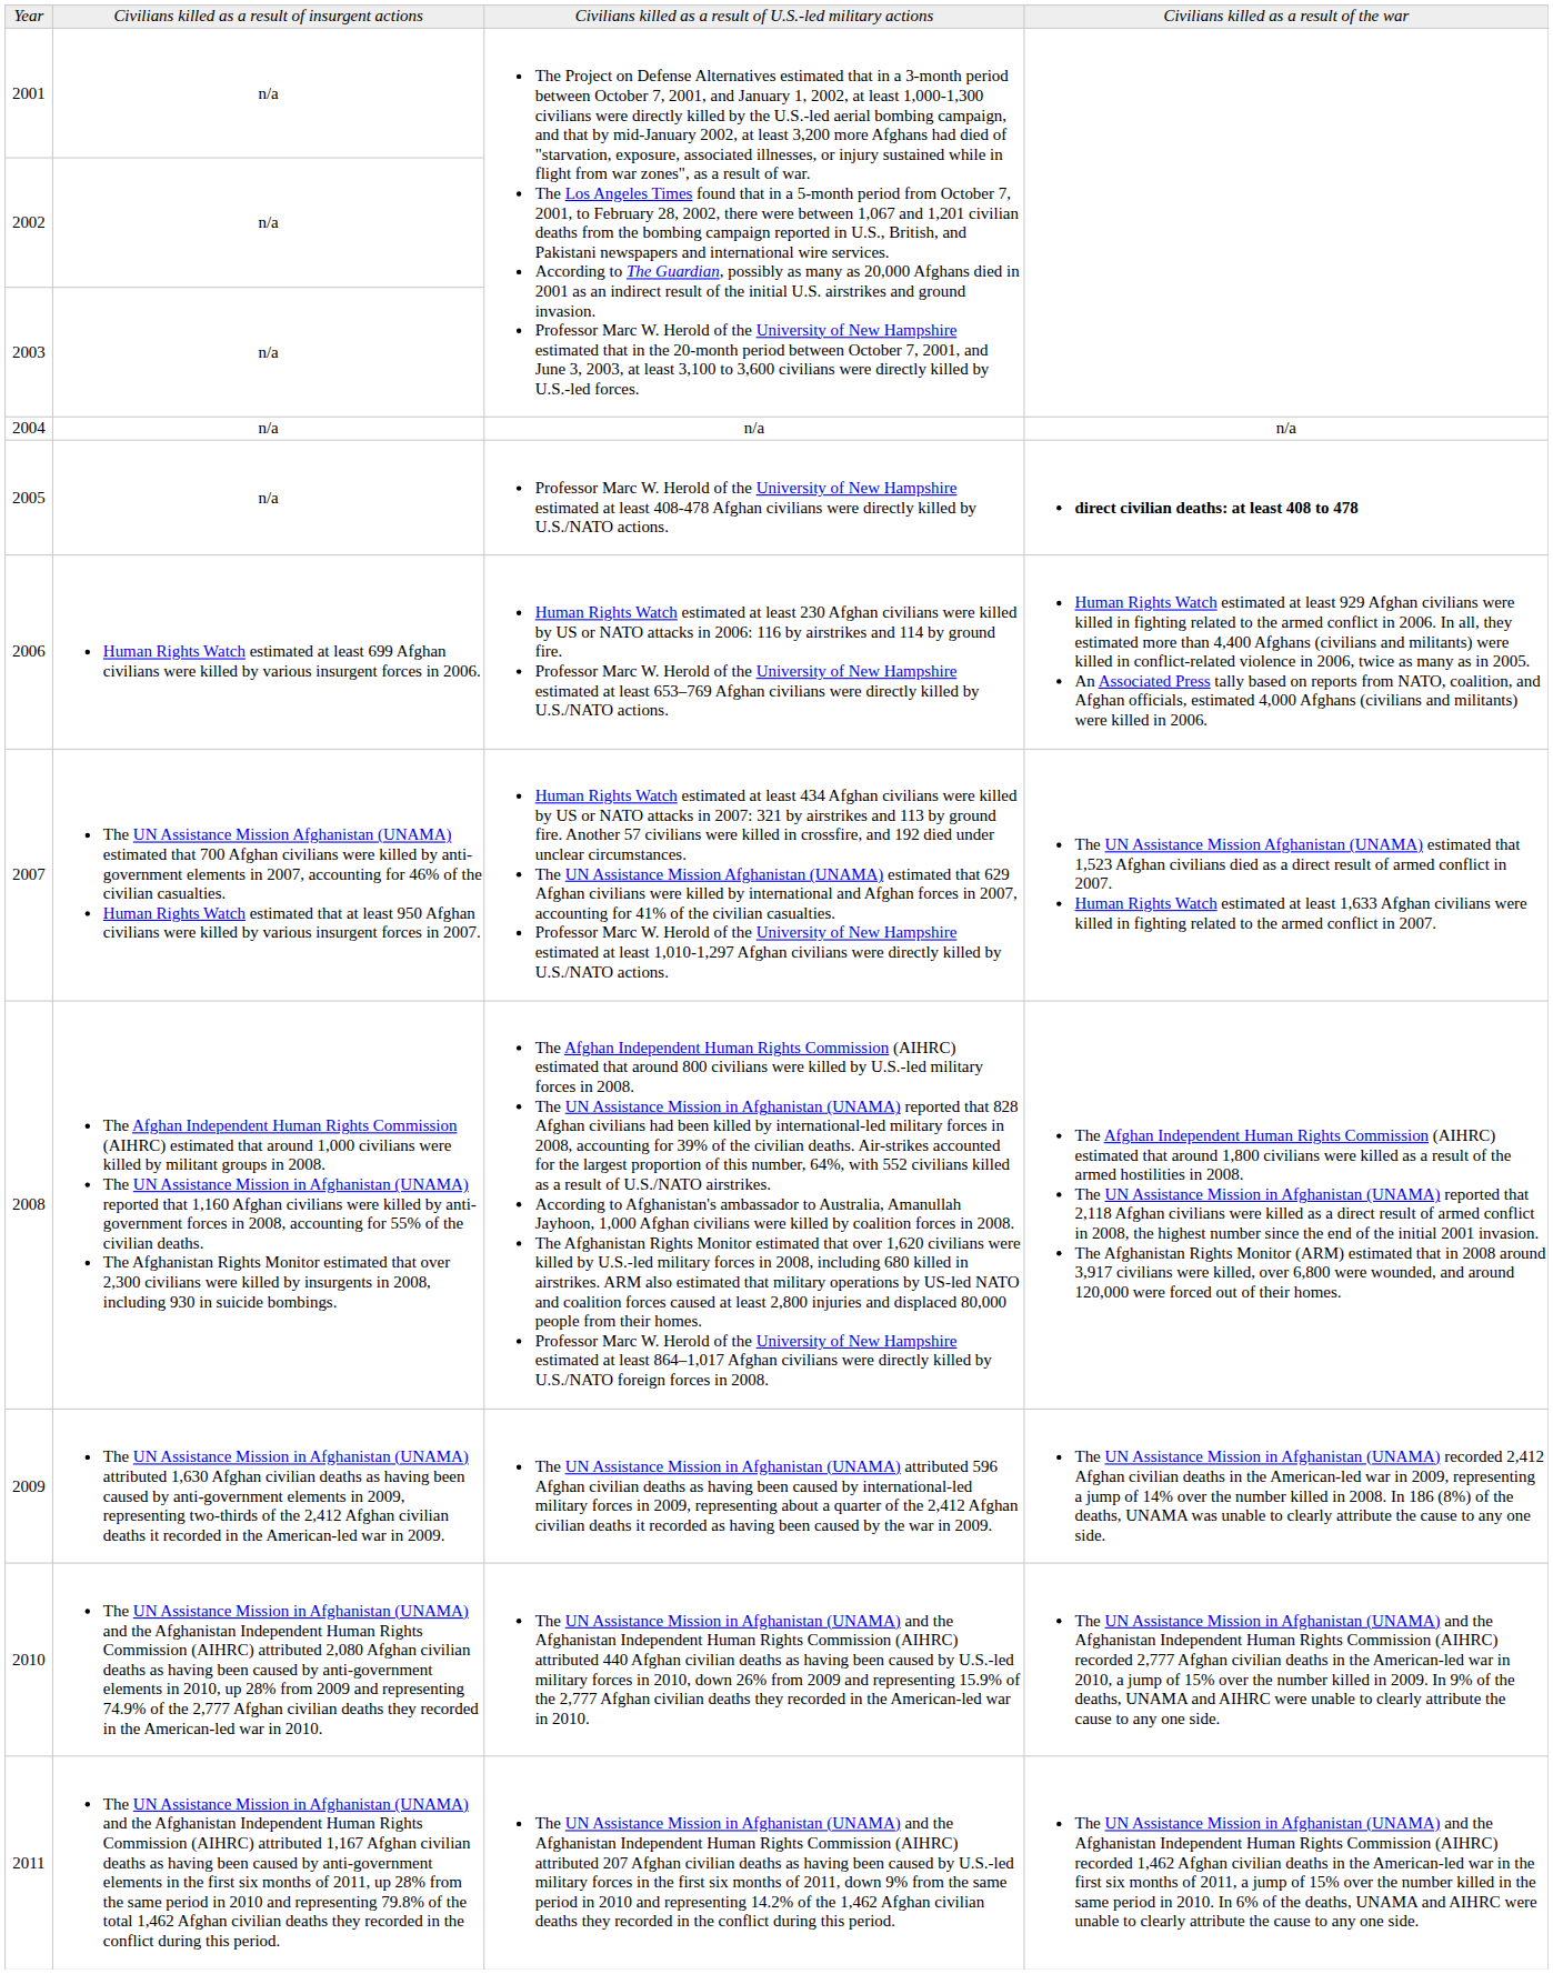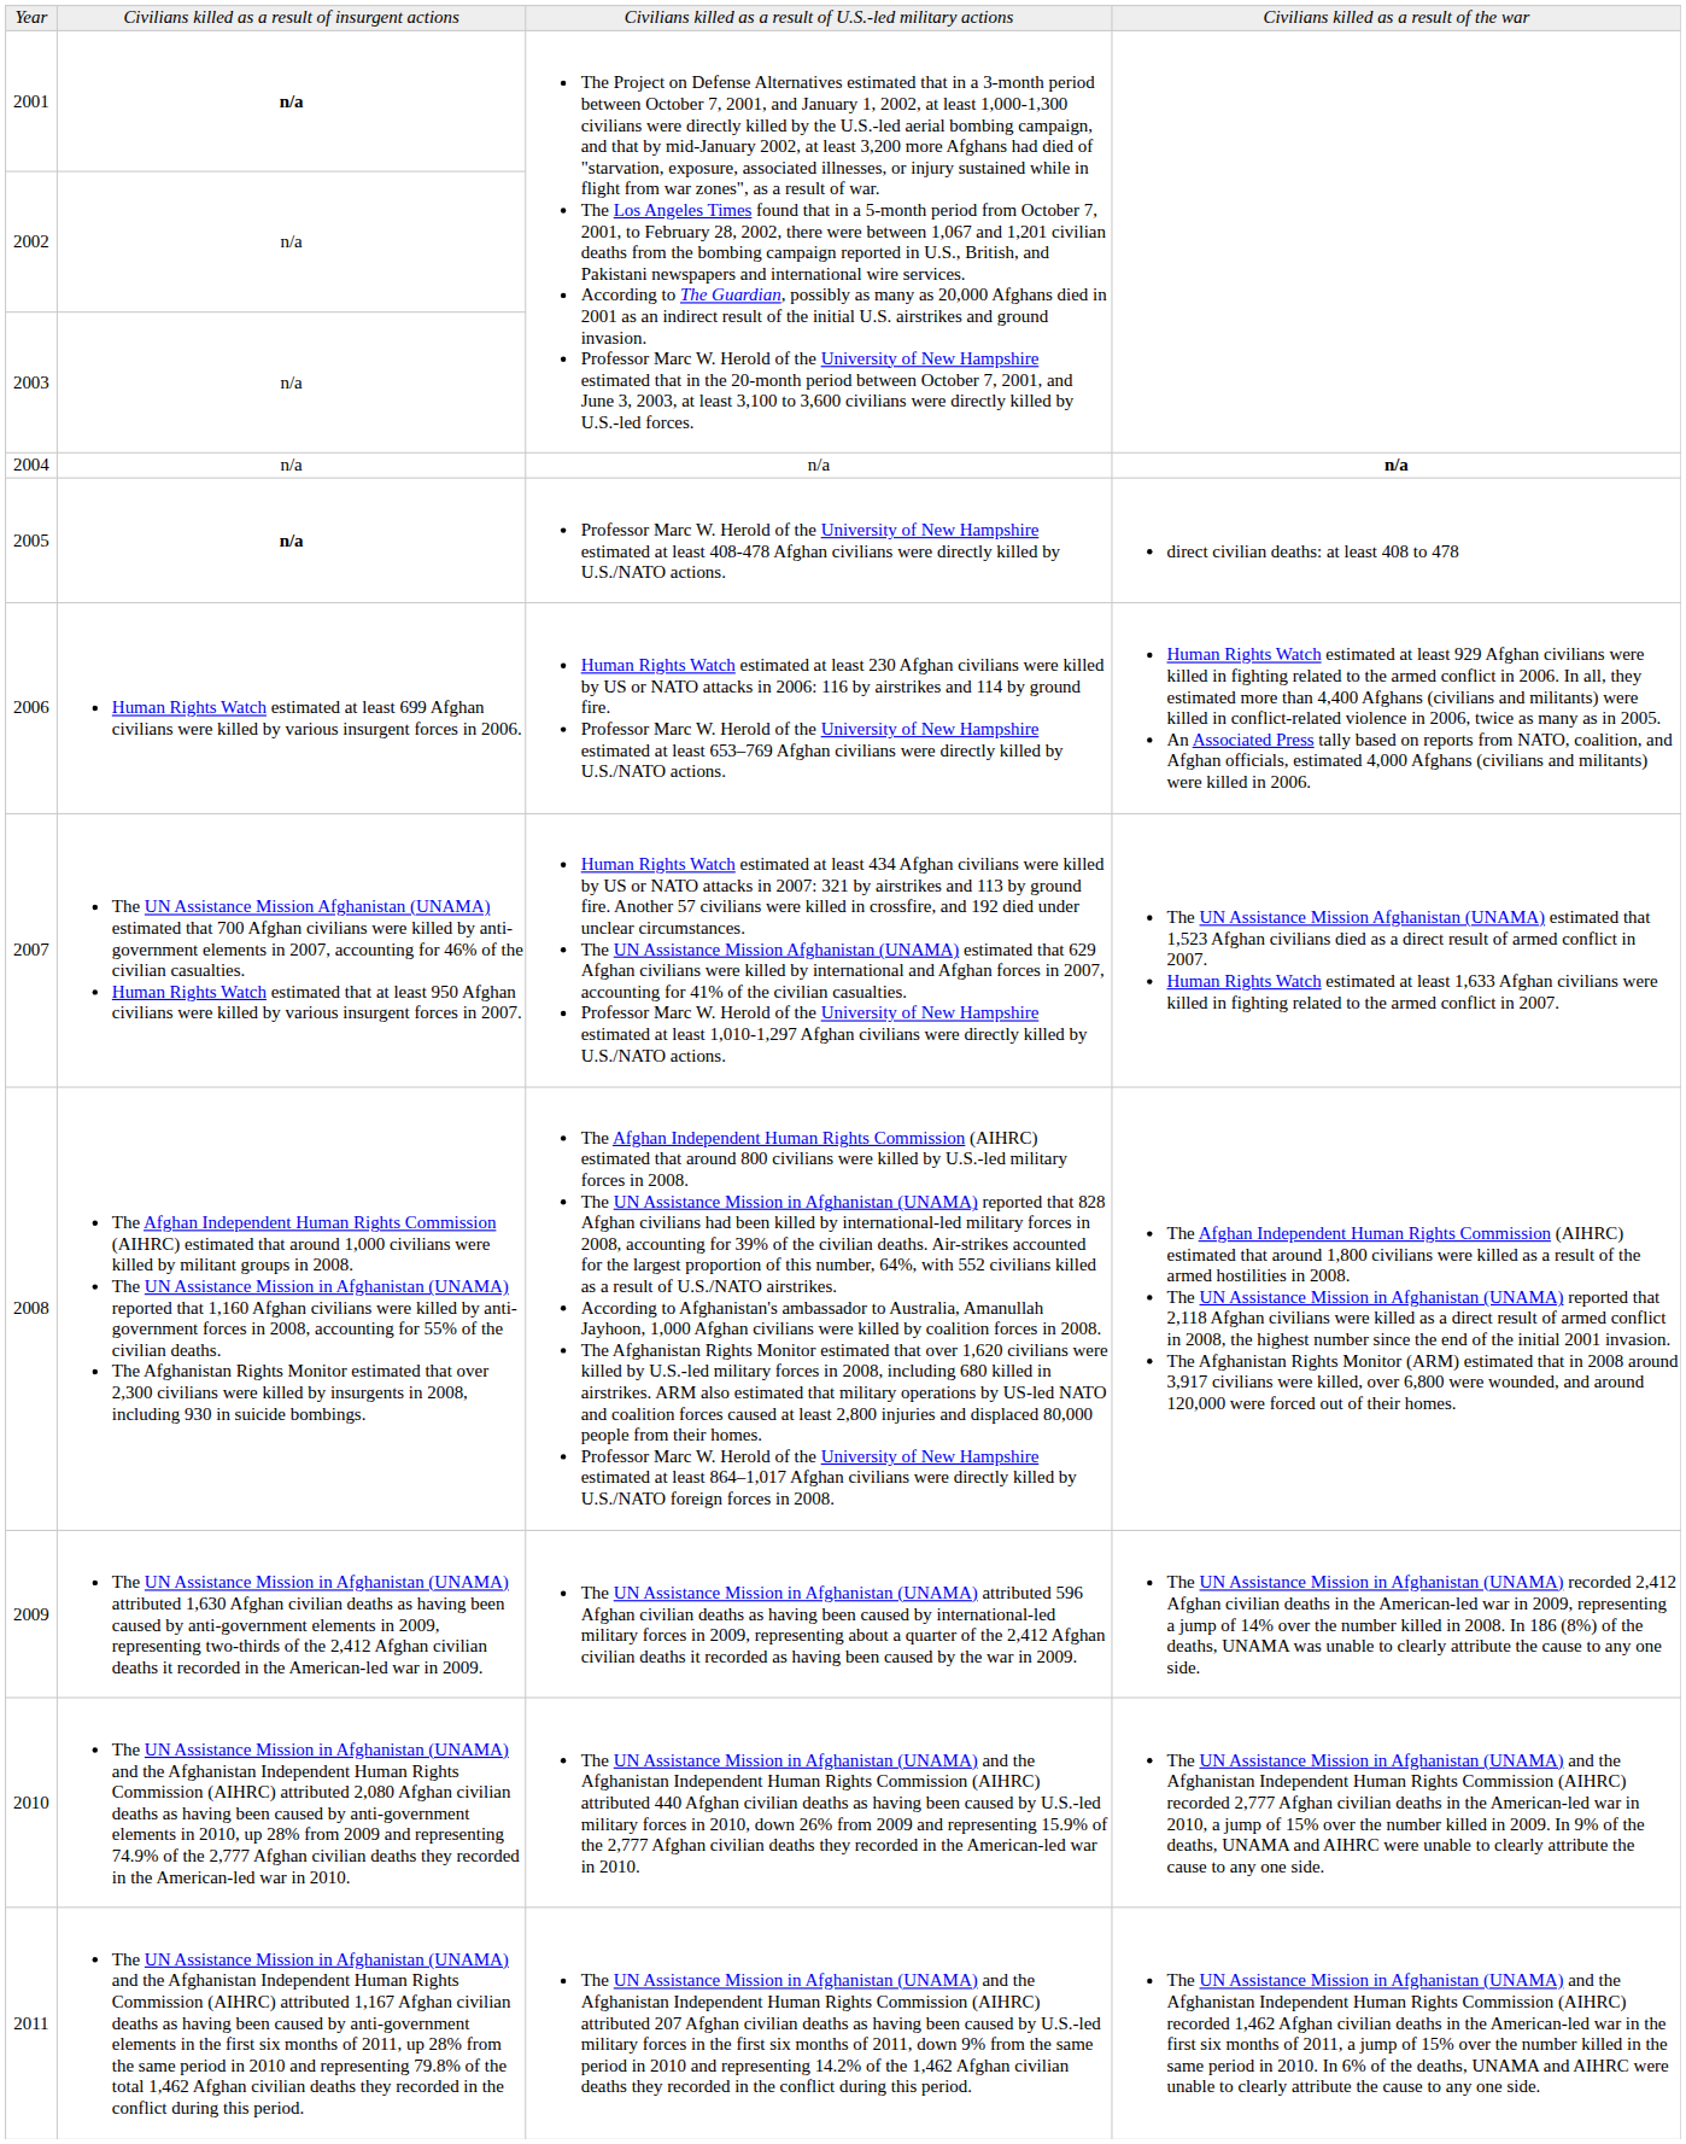 <table style="width: 100%; font-size: 85%; background: #ccc;" cellpadding="1" cellspacing="1" border="0">
 <tr>
 <td style="background: #eee; width: 3%; text-align: center"><em>Year</em></td>
 <td style="background: #eee; width: 28%; text-align: center"><em>Civilians killed as a result of insurgent actions</em></td>
 <td style="background: #eee; width: 35%; text-align: center"><em>Civilians killed as a result of U.S.-led military actions</em></td>
 <td style="background: #eee; width: 35%; text-align: center"><em>Civilians killed as a result of the war</em></td>
 </tr>
 <tr>
 <td style="background: #fff; text-align: center">2001</td>
-<td style="background: #fff; text-align: center">n/a</td>
+<td style="background: #fff; text-align: center"><strong>n/a</strong></td>
 <td style="background: #fff; text-align: left" rowspan="3"><br><ul><li>The Project on Defense Alternatives estimated that in a 3-month period between October 7, 2001, and January 1, 2002, at least 1,000-1,300 civilians were directly killed by the U.S.-led aerial bombing campaign, and that by mid-January 2002, at least 3,200 more Afghans had died of "starvation, exposure, associated illnesses, or injury sustained while in flight from war zones", as a result of war.</li><li>The <a href='#'>Los Angeles Times</a> found that in a 5-month period from October 7, 2001, to February 28, 2002, there were between 1,067 and 1,201 civilian deaths from the bombing campaign reported in U.S., British, and Pakistani newspapers and international wire services.</li><li>According to <em><a href='#'>The Guardian</a></em>, possibly as many as 20,000 Afghans died in 2001 as an indirect result of the initial U.S. airstrikes and ground invasion.</li><li>Professor Marc W. Herold of the <a href='#'>University of New Hampshire</a> estimated that in the 20-month period between October 7, 2001, and June 3, 2003, at least 3,100 to 3,600 civilians were directly killed by U.S.-led forces.</li></ul></td>
 <td rowspan="3" style="background:#fff; text-align:left; vertical-align:bottom;"></td>
 </tr>
 <tr style="background: #fff;">
 <td style="text-align: center">2002</td>
 <td style="text-align: center">n/a</td>
 </tr>
 <tr style="background: #fff;">
 <td style="text-align: center">2003</td>
 <td style="text-align: center">n/a</td>
 </tr>
 <tr style="background: #fff;">
 <td style="text-align: center">2004</td>
 <td style="text-align: center">n/a</td>
 <td style="text-align: center">n/a</td>
-<td style="text-align: center">n/a</td>
+<td style="text-align: center"><strong>n/a</strong></td>
 </tr>
 <tr>
 <td style="background: #fff; text-align: center">2005</td>
-<td style="background: #fff; text-align: center">n/a</td>
+<td style="background: #fff; text-align: center"><strong>n/a</strong></td>
 <td style="background: #fff; text-align: left"><br><ul><li>Professor Marc W. Herold of the <a href='#'>University of New Hampshire</a> estimated at least 408-478 Afghan civilians were directly killed by U.S./NATO actions.</li></ul></td>
-<td style="background: #fff; text-align: left"><strong><br><ul><li>direct civilian deaths: at least 408 to 478</li></ul></strong></td>
+<td style="background: #fff; text-align: left"><br><ul><li>direct civilian deaths: at least 408 to 478</li></ul></td>
 </tr>
 <tr>
 <td style="background: #fff; text-align: center">2006</td>
 <td style="background: #fff; text-align: left"><br><ul><li><a href='#'>Human Rights Watch</a> estimated at least 699 Afghan civilians were killed by various insurgent forces in 2006.</li></ul></td>
 <td style="background: #fff; text-align: left"><br><ul><li><a href='#'>Human Rights Watch</a> estimated at least 230 Afghan civilians were killed by US or NATO attacks in 2006: 116 by airstrikes and 114 by ground fire.</li><li>Professor Marc W. Herold of the <a href='#'>University of New Hampshire</a> estimated at least 653–769 Afghan civilians were directly killed by U.S./NATO actions.</li></ul></td>
 <td style="background: #fff; text-align: left"><br><ul><li><a href='#'>Human Rights Watch</a> estimated at least 929 Afghan civilians were killed in fighting related to the armed conflict in 2006. In all, they estimated more than 4,400 Afghans (civilians and militants) were killed in conflict-related violence in 2006, twice as many as in 2005.</li><li>An <a href='#'>Associated Press</a> tally based on reports from NATO, coalition, and Afghan officials, estimated 4,000 Afghans (civilians and militants) were killed in 2006.</li></ul></td>
 </tr>
 <tr>
 <td style="background: #fff; text-align: center">2007</td>
 <td style="background: #fff; text-align: left"><br><ul><li>The <a href='#'>UN Assistance Mission Afghanistan (UNAMA)</a> estimated that 700 Afghan civilians were killed by anti-government elements in 2007, accounting for 46% of the civilian casualties.</li><li><a href='#'>Human Rights Watch</a> estimated that at least 950 Afghan civilians were killed by various insurgent forces in 2007.</li></ul></td>
 <td style="background: #fff; text-align: left"><br><ul><li><a href='#'>Human Rights Watch</a> estimated at least 434 Afghan civilians were killed by US or NATO attacks in 2007: 321 by airstrikes and 113 by ground fire. Another 57 civilians were killed in crossfire, and 192 died under unclear circumstances.</li><li>The <a href='#'>UN Assistance Mission Afghanistan (UNAMA)</a> estimated that 629 Afghan civilians were killed by international and Afghan forces in 2007, accounting for 41% of the civilian casualties.</li><li>Professor Marc W. Herold of the <a href='#'>University of New Hampshire</a> estimated at least 1,010-1,297 Afghan civilians were directly killed by U.S./NATO actions.</li></ul></td>
 <td style="background: #fff; text-align: left"><br><ul><li>The <a href='#'>UN Assistance Mission Afghanistan (UNAMA)</a> estimated that 1,523 Afghan civilians died as a direct result of armed conflict in 2007.</li><li><a href='#'>Human Rights Watch</a> estimated at least 1,633 Afghan civilians were killed in fighting related to the armed conflict in 2007.</li></ul></td>
 </tr>
 <tr>
 <td style="background: #fff; text-align: center">2008</td>
 <td style="background: #fff; text-align: left"><br><ul><li>The <a href='#'>Afghan Independent Human Rights Commission</a> (AIHRC) estimated that around 1,000 civilians were killed by militant groups in 2008.</li><li>The <a href='#'>UN Assistance Mission in Afghanistan (UNAMA)</a> reported that 1,160 Afghan civilians were killed by anti-government forces in 2008, accounting for 55% of the civilian deaths.</li><li>The Afghanistan Rights Monitor estimated that over 2,300 civilians were killed by insurgents in 2008, including 930 in suicide bombings.</li></ul></td>
 <td style="background: #fff; text-align: left"><br><ul><li>The <a href='#'>Afghan Independent Human Rights Commission</a> (AIHRC) estimated that around 800 civilians were killed by U.S.-led military forces in 2008.</li><li>The <a href='#'>UN Assistance Mission in Afghanistan (UNAMA)</a> reported that 828 Afghan civilians had been killed by international-led military forces in 2008, accounting for 39% of the civilian deaths. Air-strikes accounted for the largest proportion of this number, 64%, with 552 civilians killed as a result of U.S./NATO airstrikes.</li><li>According to Afghanistan's ambassador to Australia, Amanullah Jayhoon, 1,000 Afghan civilians were killed by coalition forces in 2008.</li><li>The Afghanistan Rights Monitor estimated that over 1,620 civilians were killed by U.S.-led military forces in 2008, including 680 killed in airstrikes. ARM also estimated that military operations by US-led NATO and coalition forces caused at least 2,800 injuries and displaced 80,000 people from their homes.</li><li>Professor Marc W. Herold of the <a href='#'>University of New Hampshire</a> estimated at least 864–1,017 Afghan civilians were directly killed by U.S./NATO foreign forces in 2008.</li></ul></td>
 <td style="background: #fff; text-align: left"><br><ul><li>The <a href='#'>Afghan Independent Human Rights Commission</a> (AIHRC) estimated that around 1,800 civilians were killed as a result of the armed hostilities in 2008.</li><li>The <a href='#'>UN Assistance Mission in Afghanistan (UNAMA)</a> reported that 2,118 Afghan civilians were killed as a direct result of armed conflict in 2008, the highest number since the end of the initial 2001 invasion.</li><li>The Afghanistan Rights Monitor (ARM) estimated that in 2008 around 3,917 civilians were killed, over 6,800 were wounded, and around 120,000 were forced out of their homes.</li></ul></td>
 </tr>
 <tr>
 <td style="background: #fff; text-align: center">2009</td>
 <td style="background: #fff; text-align: left"><br><ul><li>The <a href='#'>UN Assistance Mission in Afghanistan (UNAMA)</a> attributed 1,630 Afghan civilian deaths as having been caused by anti-government elements in 2009, representing two-thirds of the 2,412 Afghan civilian deaths it recorded in the American-led war in 2009.</li></ul></td>
 <td style="background: #fff; text-align: left"><br><ul><li>The <a href='#'>UN Assistance Mission in Afghanistan (UNAMA)</a> attributed 596 Afghan civilian deaths as having been caused by international-led military forces in 2009, representing about a quarter of the 2,412 Afghan civilian deaths it recorded as having been caused by the war in 2009.</li></ul></td>
 <td style="background: #fff; text-align: left"><br><ul><li>The <a href='#'>UN Assistance Mission in Afghanistan (UNAMA)</a> recorded 2,412 Afghan civilian deaths in the American-led war in 2009, representing a jump of 14% over the number killed in 2008. In 186 (8%) of the deaths, UNAMA was unable to clearly attribute the cause to any one side.</li></ul></td>
 </tr>
 <tr>
 <td style="background: #fff; text-align: center">2010</td>
 <td style="background: #fff; text-align: left"><br><ul><li>The <a href='#'>UN Assistance Mission in Afghanistan (UNAMA)</a> and the Afghanistan Independent Human Rights Commission (AIHRC) attributed 2,080 Afghan civilian deaths as having been caused by anti-government elements in 2010, up 28% from 2009 and representing 74.9% of the 2,777 Afghan civilian deaths they recorded in the American-led war in 2010.</li></ul></td>
 <td style="background: #fff; text-align: left"><br><ul><li>The <a href='#'>UN Assistance Mission in Afghanistan (UNAMA)</a> and the Afghanistan Independent Human Rights Commission (AIHRC) attributed 440 Afghan civilian deaths as having been caused by U.S.-led military forces in 2010, down 26% from 2009 and representing 15.9% of the 2,777 Afghan civilian deaths they recorded in the American-led war in 2010.</li></ul></td>
 <td style="background: #fff; text-align: left"><br><ul><li>The <a href='#'>UN Assistance Mission in Afghanistan (UNAMA)</a> and the Afghanistan Independent Human Rights Commission (AIHRC) recorded 2,777 Afghan civilian deaths in the American-led war in 2010, a jump of 15% over the number killed in 2009. In 9% of the deaths, UNAMA and AIHRC were unable to clearly attribute the cause to any one side.</li></ul></td>
 </tr>
 <tr>
 <td style="background: #fff; text-align: center">2011</td>
 <td style="background: #fff; text-align: left"><br><ul><li>The <a href='#'>UN Assistance Mission in Afghanistan (UNAMA)</a> and the Afghanistan Independent Human Rights Commission (AIHRC) attributed 1,167 Afghan civilian deaths as having been caused by anti-government elements in the first six months of 2011, up 28% from the same period in 2010 and representing 79.8% of the total 1,462 Afghan civilian deaths they recorded in the conflict during this period.</li></ul></td>
 <td style="background: #fff; text-align: left"><br><ul><li>The <a href='#'>UN Assistance Mission in Afghanistan (UNAMA)</a> and the Afghanistan Independent Human Rights Commission (AIHRC) attributed 207 Afghan civilian deaths as having been caused by U.S.-led military forces in the first six months of 2011, down 9% from the same period in 2010 and representing 14.2% of the 1,462 Afghan civilian deaths they recorded in the conflict during this period.</li></ul></td>
 <td style="background: #fff; text-align: left"><br><ul><li>The <a href='#'>UN Assistance Mission in Afghanistan (UNAMA)</a> and the Afghanistan Independent Human Rights Commission (AIHRC) recorded 1,462 Afghan civilian deaths in the American-led war in the first six months of 2011, a jump of 15% over the number killed in the same period in 2010. In 6% of the deaths, UNAMA and AIHRC were unable to clearly attribute the cause to any one side.</li></ul></td>
 </tr>
 </table>
